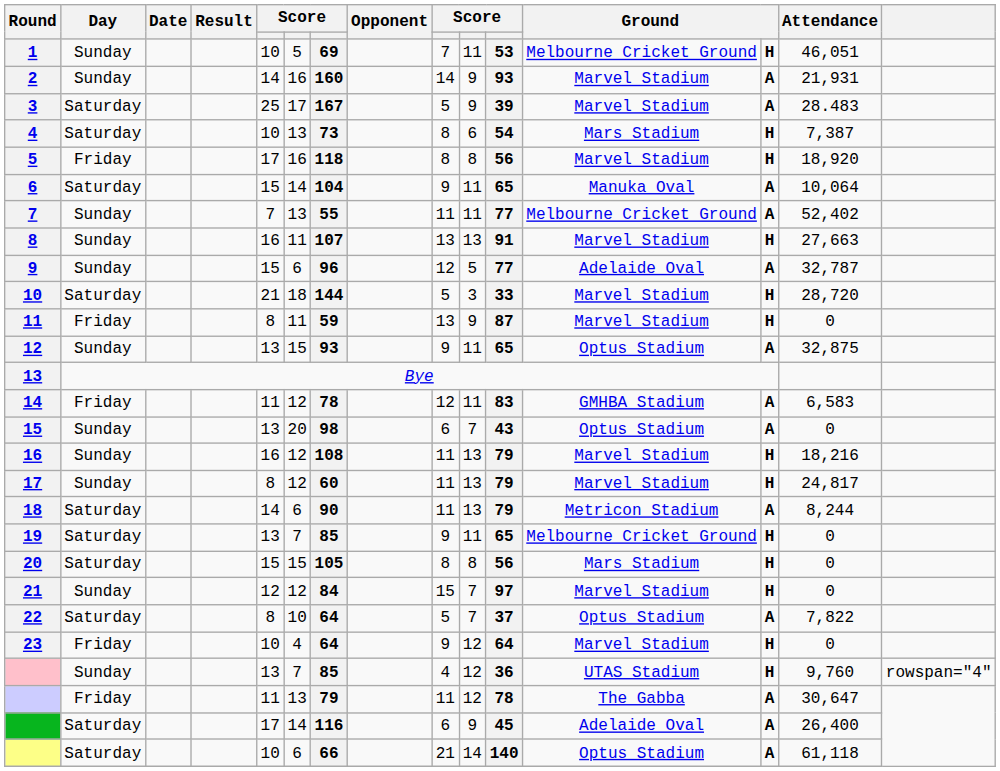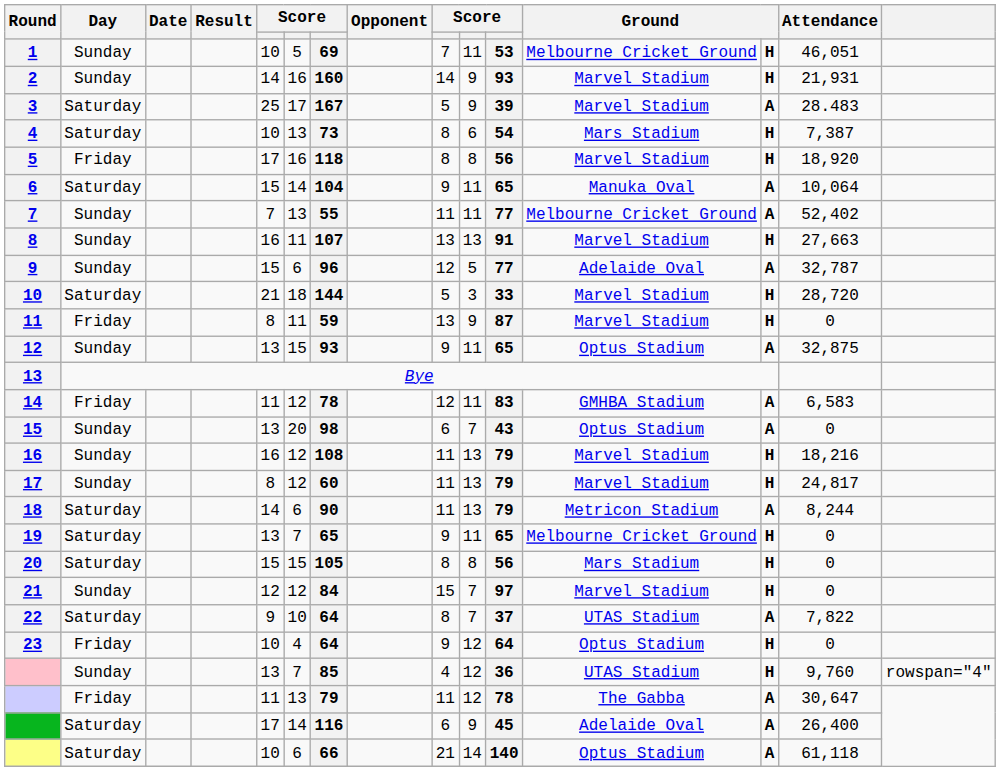 <table class="wikitable plainrowheaders sortable" style="font-size:90%; text-align:center;">
 <tr>
 <th scope="col" rowspan="2">Round</th>
 <th scope="col" rowspan="2">Day</th>
 <th scope="col" rowspan="2">Date</th>
 <th scope="col" rowspan="2">Result</th>
 <th scope="col" colspan="3">Score</th>
 <th scope="col" rowspan="2">Opponent</th>
 <th scope="col" colspan="3">Score</th>
 <th scope="col" rowspan="2" colspan="2">Ground</th>
 <th scope="col" rowspan="2">Attendance</th>
 <th scope="col" rowspan="2"></th>
 </tr>
 <tr>
 <th scope="col"></th>
 <th scope="col"></th>
 <th scope="col"></th>
 <th scope="col"></th>
 <th scope="col"></th>
 <th scope="col"></th>
 </tr>
 <tr>
 <th scope="row" style="text-align:center;"><a href='#'>1</a></th>
 <td>Sunday</td>
 <td></td>
 <td></td>
 <td>10</td>
 <td>5</td>
 <th>69</th>
 <td></td>
 <td>7</td>
 <td>11</td>
 <th>53</th>
 <td><a href='#'>Melbourne Cricket Ground</a></td>
 <td><strong>H</strong></td>
 <td>46,051</td>
 <td></td>
 </tr>
 <tr>
 <th scope="row" style="text-align:center;"><a href='#'>2</a></th>
 <td>Sunday</td>
 <td></td>
 <td></td>
 <td>14</td>
 <td>16</td>
 <th>160</th>
 <td></td>
 <td>14</td>
 <td>9</td>
 <th>93</th>
 <td><a href='#'>Marvel Stadium</a></td>
-<td><strong>A</strong></td>
+<td><strong>H</strong></td>
 <td>21,931</td>
 <td></td>
 </tr>
 <tr>
 <th scope="row" style="text-align:center;"><a href='#'>3</a></th>
 <td>Saturday</td>
 <td></td>
 <td></td>
 <td>25</td>
 <td>17</td>
 <th>167</th>
 <td></td>
 <td>5</td>
 <td>9</td>
 <th>39</th>
 <td><a href='#'>Marvel Stadium</a></td>
 <td><strong>A</strong></td>
 <td>28.483</td>
 <td></td>
 </tr>
 <tr>
 <th scope="row" style="text-align:center;"><a href='#'>4</a></th>
 <td>Saturday</td>
 <td></td>
 <td></td>
 <td>10</td>
 <td>13</td>
 <th>73</th>
 <td></td>
 <td>8</td>
 <td>6</td>
 <th>54</th>
 <td><a href='#'>Mars Stadium</a></td>
 <td><strong>H</strong></td>
 <td>7,387</td>
 <td></td>
 </tr>
 <tr>
 <th scope="row" style="text-align:center;"><a href='#'>5</a></th>
 <td>Friday</td>
 <td></td>
 <td></td>
 <td>17</td>
 <td>16</td>
 <th>118</th>
 <td></td>
 <td>8</td>
 <td>8</td>
 <th>56</th>
 <td><a href='#'>Marvel Stadium</a></td>
 <td><strong>H</strong></td>
 <td>18,920</td>
 <td></td>
 </tr>
 <tr>
 <th scope="row" style="text-align:center;"><a href='#'>6</a></th>
 <td>Saturday</td>
 <td></td>
 <td></td>
 <td>15</td>
 <td>14</td>
 <th>104</th>
 <td></td>
 <td>9</td>
 <td>11</td>
 <th>65</th>
 <td><a href='#'>Manuka Oval</a></td>
 <td><strong>A</strong></td>
 <td>10,064</td>
 <td></td>
 </tr>
 <tr>
 <th scope="row" style="text-align:center;"><a href='#'>7</a></th>
 <td>Sunday</td>
 <td></td>
 <td></td>
 <td>7</td>
 <td>13</td>
 <th>55</th>
 <td></td>
 <td>11</td>
 <td>11</td>
 <th>77</th>
 <td><a href='#'>Melbourne Cricket Ground</a></td>
 <td><strong>A</strong></td>
 <td>52,402</td>
 <td></td>
 </tr>
 <tr>
 <th scope="row" style="text-align:center;"><a href='#'>8</a></th>
 <td>Sunday</td>
 <td></td>
 <td></td>
 <td>16</td>
 <td>11</td>
 <th>107</th>
 <td></td>
 <td>13</td>
 <td>13</td>
 <th>91</th>
 <td><a href='#'>Marvel Stadium</a></td>
 <td><strong>H</strong></td>
 <td>27,663</td>
 <td></td>
 </tr>
 <tr>
 <th scope="row" style="text-align:center;"><a href='#'>9</a></th>
 <td>Sunday</td>
 <td></td>
 <td></td>
 <td>15</td>
 <td>6</td>
 <th>96</th>
 <td></td>
 <td>12</td>
 <td>5</td>
 <th>77</th>
 <td><a href='#'>Adelaide Oval</a></td>
 <td><strong>A</strong></td>
 <td>32,787</td>
 <td></td>
 </tr>
 <tr>
 <th scope="row" style="text-align:center;"><a href='#'>10</a></th>
 <td>Saturday</td>
 <td></td>
 <td></td>
 <td>21</td>
 <td>18</td>
 <th>144</th>
 <td></td>
 <td>5</td>
 <td>3</td>
 <th>33</th>
 <td><a href='#'>Marvel Stadium</a></td>
 <td><strong>H</strong></td>
 <td>28,720</td>
 <td></td>
 </tr>
 <tr>
 <th scope="row" style="text-align:center;"><a href='#'>11</a></th>
 <td>Friday</td>
 <td></td>
 <td></td>
 <td>8</td>
 <td>11</td>
 <th>59</th>
 <td></td>
 <td>13</td>
 <td>9</td>
 <th>87</th>
 <td><a href='#'>Marvel Stadium</a></td>
 <td><strong>H</strong></td>
 <td>0</td>
 <td></td>
 </tr>
 <tr>
 <th scope="row" style="text-align:center;"><a href='#'>12</a></th>
 <td>Sunday</td>
 <td></td>
 <td></td>
 <td>13</td>
 <td>15</td>
 <th>93</th>
 <td></td>
 <td>9</td>
 <td>11</td>
 <th>65</th>
 <td><a href='#'>Optus Stadium</a></td>
 <td><strong>A</strong></td>
 <td>32,875</td>
 <td></td>
 </tr>
 <tr>
 <th scope="row" style="text-align:center;"><a href='#'>13</a></th>
 <td colspan=12><em><a href='#'>Bye</a></em></td>
 <td></td>
 </tr>
 <tr>
 <th scope="row" style="text-align:center;"><a href='#'>14</a></th>
 <td>Friday</td>
 <td></td>
 <td></td>
 <td>11</td>
 <td>12</td>
 <th>78</th>
 <td></td>
 <td>12</td>
 <td>11</td>
 <th>83</th>
 <td><a href='#'>GMHBA Stadium</a></td>
 <td><strong>A</strong></td>
 <td>6,583</td>
 <td></td>
 </tr>
 <tr>
 <th scope="row" style="text-align:center;"><a href='#'>15</a></th>
 <td>Sunday</td>
 <td></td>
 <td></td>
 <td>13</td>
 <td>20</td>
 <th>98</th>
 <td></td>
 <td>6</td>
 <td>7</td>
 <th>43</th>
 <td><a href='#'>Optus Stadium</a></td>
 <td><strong>A</strong></td>
 <td>0</td>
 <td></td>
 </tr>
 <tr>
 <th scope="row" style="text-align:center;"><a href='#'>16</a></th>
 <td>Sunday</td>
 <td></td>
 <td></td>
 <td>16</td>
 <td>12</td>
 <th>108</th>
 <td></td>
 <td>11</td>
 <td>13</td>
 <th>79</th>
 <td><a href='#'>Marvel Stadium</a></td>
 <td><strong>H</strong></td>
 <td>18,216</td>
 <td></td>
 </tr>
 <tr>
 <th scope="row" style="text-align:center;"><a href='#'>17</a></th>
 <td>Sunday</td>
 <td></td>
 <td></td>
 <td>8</td>
 <td>12</td>
 <th>60</th>
 <td></td>
 <td>11</td>
 <td>13</td>
 <th>79</th>
 <td><a href='#'>Marvel Stadium</a></td>
 <td><strong>H</strong></td>
 <td>24,817</td>
 <td></td>
 </tr>
 <tr>
 <th scope="row" style="text-align:center;"><a href='#'>18</a></th>
 <td>Saturday</td>
 <td></td>
 <td></td>
 <td>14</td>
 <td>6</td>
 <th>90</th>
 <td></td>
 <td>11</td>
 <td>13</td>
 <th>79</th>
 <td><a href='#'>Metricon Stadium</a></td>
 <td><strong>A</strong></td>
 <td>8,244</td>
 <td></td>
 </tr>
 <tr>
 <th scope="row" style="text-align:center;"><a href='#'>19</a></th>
 <td>Saturday</td>
 <td></td>
 <td></td>
 <td>13</td>
 <td>7</td>
-<th>85</th>
+<th>65</th>
 <td></td>
 <td>9</td>
 <td>11</td>
 <th>65</th>
 <td><a href='#'>Melbourne Cricket Ground</a></td>
 <td><strong>H</strong></td>
 <td>0</td>
 <td></td>
 </tr>
 <tr>
 <th scope="row" style="text-align:center;"><a href='#'>20</a></th>
 <td>Saturday</td>
 <td></td>
 <td></td>
 <td>15</td>
 <td>15</td>
 <th>105</th>
 <td></td>
 <td>8</td>
 <td>8</td>
 <th>56</th>
 <td><a href='#'>Mars Stadium</a></td>
 <td><strong>H</strong></td>
 <td>0</td>
 <td></td>
 </tr>
 <tr>
 <th scope="row" style="text-align:center;"><a href='#'>21</a></th>
 <td>Sunday</td>
 <td></td>
 <td></td>
 <td>12</td>
 <td>12</td>
 <th>84</th>
 <td></td>
 <td>15</td>
 <td>7</td>
 <th>97</th>
 <td><a href='#'>Marvel Stadium</a></td>
 <td><strong>H</strong></td>
 <td>0</td>
 <td></td>
 </tr>
 <tr>
 <th scope="row" style="text-align:center;"><a href='#'>22</a></th>
 <td>Saturday</td>
 <td></td>
 <td></td>
-<td>8</td>
+<td>9</td>
 <td>10</td>
 <th>64</th>
 <td></td>
-<td>5</td>
+<td>8</td>
 <td>7</td>
 <th>37</th>
-<td><a href='#'>Optus Stadium</a></td>
+<td><a href='#'>UTAS Stadium</a></td>
 <td><strong>A</strong></td>
 <td>7,822</td>
 <td></td>
 </tr>
 <tr>
 <th scope="row" style="text-align:center;"><a href='#'>23</a></th>
 <td>Friday</td>
 <td></td>
 <td></td>
 <td>10</td>
 <td>4</td>
 <th>64</th>
 <td></td>
 <td>9</td>
 <td>12</td>
 <th>64</th>
-<td><a href='#'>Marvel Stadium</a></td>
+<td><a href='#'>Optus Stadium</a></td>
 <td><strong>H</strong></td>
 <td>0</td>
 <td></td>
 </tr>
 <tr>
 <th scope="row" style="background:#FFC0CB; text-align:center;"></th>
 <td>Sunday</td>
 <td></td>
 <td></td>
 <td>13</td>
 <td>7</td>
 <th>85</th>
 <td></td>
 <td>4</td>
 <td>12</td>
 <th>36</th>
 <td><a href='#'>UTAS Stadium</a></td>
 <td><strong>H</strong></td>
 <td>9,760</td>
 <td>rowspan="4" </td>
 </tr>
 <tr>
 <th scope="row" style="background:#CCCCFF; text-align:center;"></th>
 <td>Friday</td>
 <td></td>
 <td></td>
 <td>11</td>
 <td>13</td>
 <th>79</th>
 <td></td>
 <td>11</td>
 <td>12</td>
 <th>78</th>
 <td><a href='#'>The Gabba</a></td>
 <td><strong>A</strong></td>
 <td>30,647</td>
 </tr>
 <tr>
 <th scope="row" style="background:#07b51e; text-align:center;"></th>
 <td>Saturday</td>
 <td></td>
 <td></td>
 <td>17</td>
 <td>14</td>
 <th>116</th>
 <td></td>
 <td>6</td>
 <td>9</td>
 <th>45</th>
 <td><a href='#'>Adelaide Oval</a></td>
 <td><strong>A</strong></td>
 <td>26,400</td>
 </tr>
 <tr>
 <th scope="row" style="background:#fdff87; text-align:center;"></th>
 <td>Saturday</td>
 <td></td>
 <td></td>
 <td>10</td>
 <td>6</td>
 <th>66</th>
 <td></td>
 <td>21</td>
 <td>14</td>
 <th>140</th>
 <td><a href='#'>Optus Stadium</a></td>
 <td><strong>A</strong></td>
 <td>61,118</td>
 </tr>
 <tr>
 </tr>
 </table>
